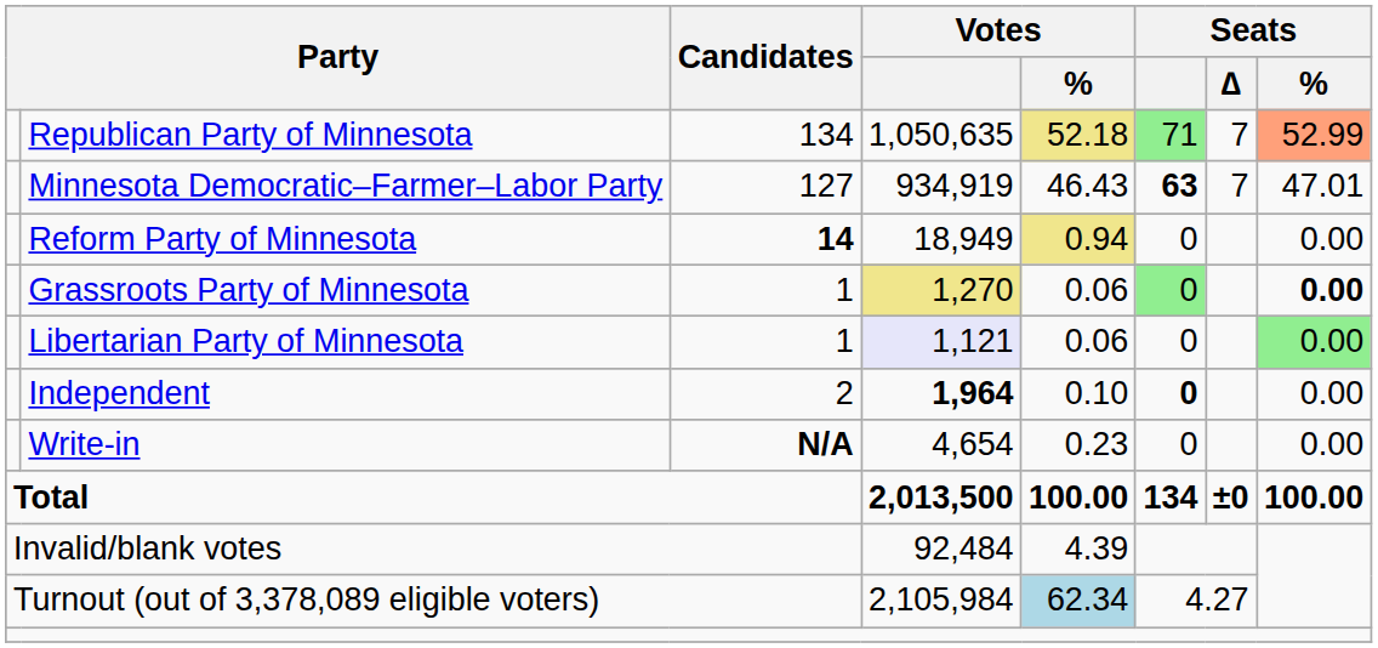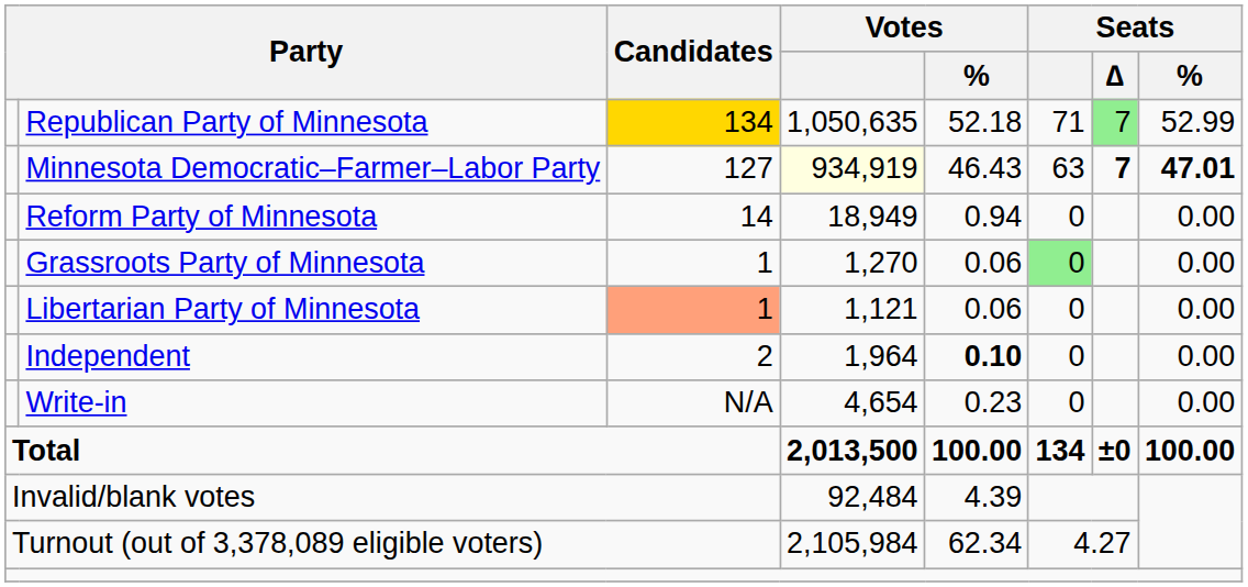 <table class="wikitable">
 <tr>
 <th rowspan="2" colspan="2">Party</th>
 <th rowspan="2">Candidates</th>
 <th colspan="2">Votes</th>
 <th colspan="3">Seats</th>
 </tr>
 <tr>
 <th></th>
 <th>%</th>
 <th></th>
 <th>∆</th>
 <th>%</th>
 </tr>
 <tr>
 <td style="background-color:"></td>
 <td><a href='#'>Republican Party of Minnesota</a></td>
-<td align="right">134</td>
+<td align="right" style="background: gold;">134</td>
 <td align="right">1,050,635</td>
-<td align="right" style="background: khaki;">52.18</td>
-<td align="right" style="background: lightgreen;">71</td>
-<td align="right">7</td>
-<td align="right" style="background: lightsalmon;">52.99</td>
+<td align="right">52.18</td>
+<td align="right">71</td>
+<td align="right" style="background: lightgreen;">7</td>
+<td align="right">52.99</td>
 </tr>
 <tr>
 <td style="background-color:"></td>
 <td><a href='#'>Minnesota Democratic–Farmer–Labor Party</a></td>
 <td align="right">127</td>
-<td align="right">934,919</td>
+<td align="right" style="background: lightyellow;">934,919</td>
 <td align="right">46.43</td>
-<td align="right"><strong>63</strong></td>
-<td align="right">7</td>
-<td align="right">47.01</td>
+<td align="right">63</td>
+<td align="right"><strong>7</strong></td>
+<td align="right"><strong>47.01</strong></td>
 </tr>
 <tr>
 <td style="background-color:"></td>
 <td><a href='#'>Reform Party of Minnesota</a></td>
-<td align="right"><strong>14</strong></td>
+<td align="right">14</td>
 <td align="right">18,949</td>
-<td align="right" style="background: khaki;">0.94</td>
+<td align="right">0.94</td>
 <td align="right">0</td>
 <td align="right"></td>
 <td align="right">0.00</td>
 </tr>
 <tr>
 <td style="background-color:"></td>
 <td><a href='#'>Grassroots Party of Minnesota</a></td>
 <td align="right">1</td>
-<td align="right" style="background: khaki;">1,270</td>
+<td align="right">1,270</td>
 <td align="right">0.06</td>
 <td align="right" style="background: lightgreen;">0</td>
 <td align="right"></td>
-<td align="right"><strong>0.00</strong></td>
+<td align="right">0.00</td>
 </tr>
 <tr>
 <td style="background-color:"></td>
 <td><a href='#'>Libertarian Party of Minnesota</a></td>
-<td align="right">1</td>
-<td align="right" style="background: lavender;">1,121</td>
+<td align="right" style="background: lightsalmon;">1</td>
+<td align="right">1,121</td>
 <td align="right">0.06</td>
 <td align="right">0</td>
 <td align="right"></td>
-<td align="right" style="background: lightgreen;">0.00</td>
+<td align="right">0.00</td>
 </tr>
 <tr>
 <td style="background-color:"></td>
 <td><a href='#'>Independent</a></td>
 <td align="right">2</td>
-<td align="right"><strong>1,964</strong></td>
-<td align="right">0.10</td>
-<td align="right"><strong>0</strong></td>
+<td align="right">1,964</td>
+<td align="right"><strong>0.10</strong></td>
+<td align="right">0</td>
 <td align="right"></td>
 <td align="right">0.00</td>
 </tr>
 <tr>
 <td style="background-color:"></td>
 <td><a href='#'>Write-in</a></td>
-<td align="right"><strong>N/A</strong></td>
+<td align="right">N/A</td>
 <td align="right">4,654</td>
 <td align="right">0.23</td>
 <td align="right">0</td>
 <td align="right"></td>
 <td align="right">0.00</td>
 </tr>
 <tr>
 <td colspan="3" align="left"><strong>Total</strong></td>
 <td align="right"><strong>2,013,500</strong></td>
 <td align="right"><strong>100.00</strong></td>
 <td align="right"><strong>134</strong></td>
 <td align="right"><strong>±0</strong></td>
 <td align="right"><strong>100.00</strong></td>
 </tr>
 <tr>
 <td colspan="3" align="left">Invalid/blank votes</td>
 <td colspan="1" align="right">92,484</td>
 <td colspan="1" align="right">4.39</td>
 <td colspan="2" align="right"></td>
 <td rowspan="2"></td>
 </tr>
 <tr>
 <td colspan="3" align="left">Turnout (out of 3,378,089 eligible voters)</td>
 <td colspan="1" align="right">2,105,984</td>
-<td colspan="1" align="right" style="background: lightblue;">62.34</td>
+<td colspan="1" align="right">62.34</td>
 <td colspan="2" align="right">4.27 </td>
 </tr>
 <tr>
 <td colspan="9"></td>
 </tr>
 </table>
